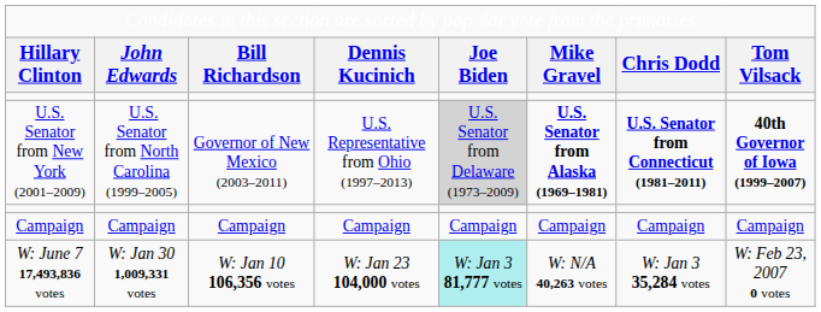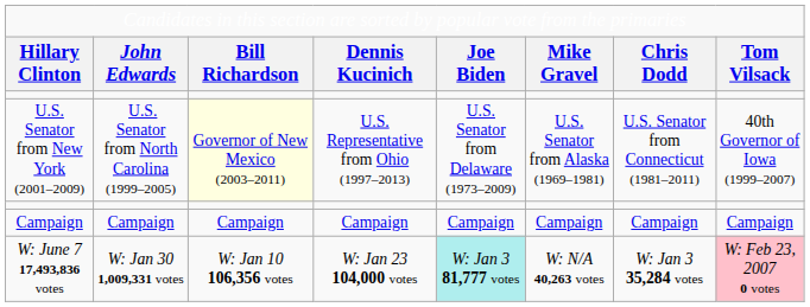 <table class="wikitable mw-collapsible mw-collapsed" style="font-size:90%">
 <tr>
 <td colspan="12" style="text-align:center; width:700px; font-size:120%; color:white; background:"><em>Candidates in this section are sorted by popular vote from the primaries</em></td>
 </tr>
 <tr>
 <th scope="col" style="width:3em; font-size:120%;"><a href='#'>Hillary Clinton</a></th>
 <th scope="col" style="width:3em; font-size:120%;"><em><a href='#'>John Edwards</a></em></th>
 <th scope="col" style="width:3em; font-size:120%;"><a href='#'>Bill Richardson</a></th>
 <th scope="col" style="width:3em; font-size:120%;"><a href='#'>Dennis Kucinich</a></th>
 <th scope="col" style="width:3em; font-size:120%;"><a href='#'>Joe Biden</a></th>
 <th scope="col" style="width:3em; font-size:120%;"><a href='#'>Mike Gravel</a></th>
 <th scope="col" style="width:3em; font-size:120%;"><a href='#'>Chris Dodd</a></th>
 <th scope="col" style="width:3em; font-size:120%;"><a href='#'>Tom Vilsack</a></th>
 </tr>
 <tr>
 <td></td>
 <td></td>
 <td></td>
 <td></td>
 <td></td>
 <td></td>
 <td></td>
 <td></td>
 </tr>
 <tr style="text-align:center">
 <td><a href='#'>U.S. Senator</a> <br>from <a href='#'>New York</a><br><small>(2001–2009)</small></td>
 <td> <a href='#'>U.S. Senator</a><br>from <a href='#'>North Carolina</a><br><small>(1999–2005)</small></td>
-<td><a href='#'></a><br><a href='#'>Governor of New Mexico</a><br><small>(2003–2011)</small></td>
+<td style="background: lightyellow;"><a href='#'></a><br><a href='#'>Governor of New Mexico</a><br><small>(2003–2011)</small></td>
 <td><a href='#'>U.S. Representative</a><br>from <a href='#'>Ohio</a><br><small>(1997–2013)</small></td>
-<td style="background: lightgrey;"><a href='#'>U.S. Senator</a><br>from <a href='#'>Delaware</a><br><small>(1973–2009)</small></td>
-<td><strong><a href='#'>U.S. Senator</a><br>from <a href='#'>Alaska</a><br><small>(1969–1981)</small></strong></td>
-<td><strong><a href='#'>U.S. Senator</a><br>from <a href='#'>Connecticut</a><br><small>(1981–2011)</small></strong></td>
-<td><strong>40th<br><a href='#'>Governor of Iowa</a><br><small>(1999–2007)</small></strong></td>
+<td><a href='#'>U.S. Senator</a><br>from <a href='#'>Delaware</a><br><small>(1973–2009)</small></td>
+<td><a href='#'>U.S. Senator</a><br>from <a href='#'>Alaska</a><br><small>(1969–1981)</small></td>
+<td><a href='#'>U.S. Senator</a><br>from <a href='#'>Connecticut</a><br><small>(1981–2011)</small></td>
+<td>40th<br><a href='#'>Governor of Iowa</a><br><small>(1999–2007)</small></td>
 </tr>
 <tr>
 <td></td>
 <td></td>
 <td></td>
 <td></td>
 <td></td>
 <td></td>
 <td></td>
 <td></td>
 </tr>
 <tr style="text-align:center">
 <td><a href='#'>Campaign</a></td>
 <td><a href='#'>Campaign</a></td>
 <td><a href='#'>Campaign</a></td>
 <td><a href='#'>Campaign</a></td>
 <td><a href='#'>Campaign</a></td>
 <td><a href='#'>Campaign</a></td>
 <td><a href='#'>Campaign</a></td>
 <td><a href='#'>Campaign</a></td>
 </tr>
 <tr style="text-align:center">
 <td><em>W: June 7</em><br><small><strong>17,493,836</strong> votes</small></td>
 <td><em>W: Jan 30</em><br><small><strong>1,009,331</strong> votes</small></td>
 <td><em>W: Jan 10</em><br><strong>106,356</strong> <small>votes</small></td>
 <td><em>W: Jan 23</em><br><strong>104,000</strong> <small>votes</small></td>
 <td style="background: paleturquoise;"><em>W: Jan 3</em><br><strong>81,777</strong> <small>votes</small></td>
 <td><em>W: N/A</em><br><strong><small>40,263</small></strong> <small>votes</small></td>
 <td><em>W: Jan 3</em><br><strong>35,284</strong> <small>votes</small></td>
-<td><em>W: Feb 23, 2007</em><br><strong><small>0</small></strong> <small>votes</small></td>
+<td style="background: pink;"><em>W: Feb 23, 2007</em><br><strong><small>0</small></strong> <small>votes</small></td>
 </tr>
 </table>
